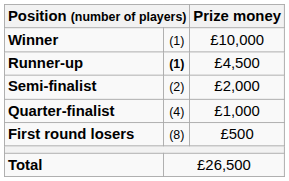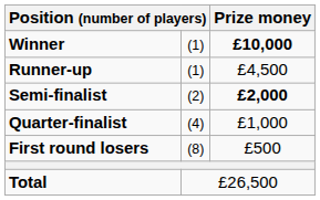 <table class="wikitable">
 <tr>
 <th colspan="2">Position <small>(number of players)</small></th>
 <th>Prize money</th>
 </tr>
 <tr>
 <td><strong>Winner</strong></td>
 <td align="center"><small>(1)</small></td>
-<td align="center">£10,000</td>
+<td align="center"><strong>£10,000</strong></td>
 </tr>
 <tr>
 <td><strong>Runner-up</strong></td>
-<td align="center"><strong><small>(1)</small></strong></td>
+<td align="center"><small>(1)</small></td>
 <td align="center">£4,500</td>
 </tr>
 <tr>
 <td><strong>Semi-finalist</strong></td>
 <td align="center"><small>(2)</small></td>
-<td align="center">£2,000</td>
+<td align="center"><strong>£2,000</strong></td>
 </tr>
 <tr>
 <td><strong>Quarter-finalist</strong></td>
 <td align="center"><small>(4)</small></td>
 <td align="center">£1,000</td>
 </tr>
 <tr>
 <td><strong>First round losers</strong></td>
 <td align="center"><small>(8)</small></td>
 <td align="center">£500</td>
 </tr>
 <tr>
 <th colspan="3"></th>
 </tr>
 <tr>
 <td><strong>Total</strong></td>
 <td colspan="2" align="center">£26,500</td>
 </tr>
 </table>
